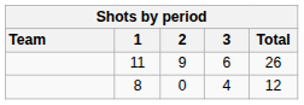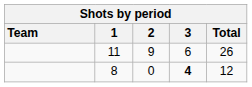 <table class="wikitable" style="width:20em; text-align:right;">
 <tr>
 <th colspan=6>Shots by period</th>
 </tr>
 <tr>
 <th style="width:8em; text-align:left;">Team</th>
 <th style="width:3em;">1</th>
 <th style="width:3em;">2</th>
 <th style="width:3em;">3</th>
 <th style="width:3em;">Total</th>
 </tr>
 <tr>
 <td style="text-align:left;"></td>
 <td align=center>11</td>
 <td align=center>9</td>
 <td align=center>6</td>
 <td align=center>26</td>
 </tr>
 <tr>
 <td style="text-align:left;"></td>
 <td align=center>8</td>
 <td align=center>0</td>
-<td align=center>4</td>
+<td align=center><strong>4</strong></td>
 <td align=center>12</td>
 </tr>
 </table>
